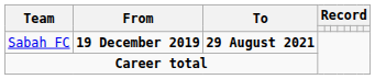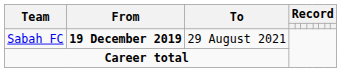 <table class="wikitable" style="text-align: center">
 <tr>
 <th rowspan="2">Team</th>
 <th rowspan="2">From</th>
 <th rowspan="2">To</th>
 <th colspan="8">Record</th>
 </tr>
 <tr>
 <th></th>
 <th></th>
 <th></th>
 <th></th>
 <th></th>
 <th></th>
 <th></th>
 <th></th>
 </tr>
 <tr>
 <td align="left"><a href='#'>Sabah FC</a></td>
 <td align=left><strong>19 December 2019</strong></td>
-<td align=left><strong>29 August 2021<br></strong></td>
+<td align=left>29 August 2021<br></td>
 </tr>
 <tr>
 <td colspan=3><strong>Career total</strong><br></td>
 </tr>
 </table>
